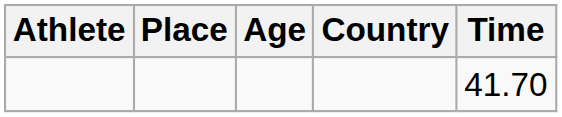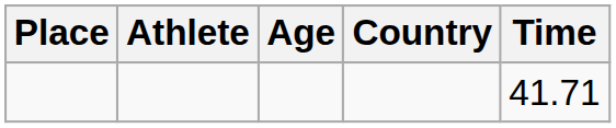 <table class="wikitable mw-datatable sortable">
 <tr>
+<th>Place</th>
 <th>Athlete</th>
-<th>Place</th>
 <th>Age</th>
 <th>Country</th>
 <th>Time</th>
 </tr>
 <tr>
-<td></td>
 <td align=center></td>
 <td></td>
 <td></td>
-<td>41.70</td>
+<td></td>
+<td>41.71</td>
 </tr>
 </table>
